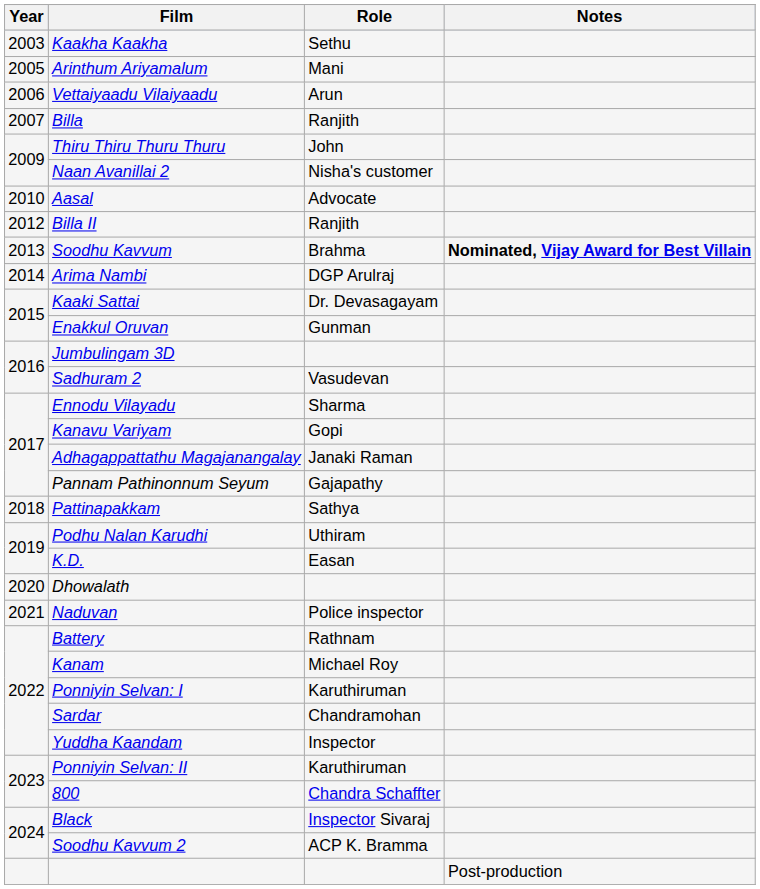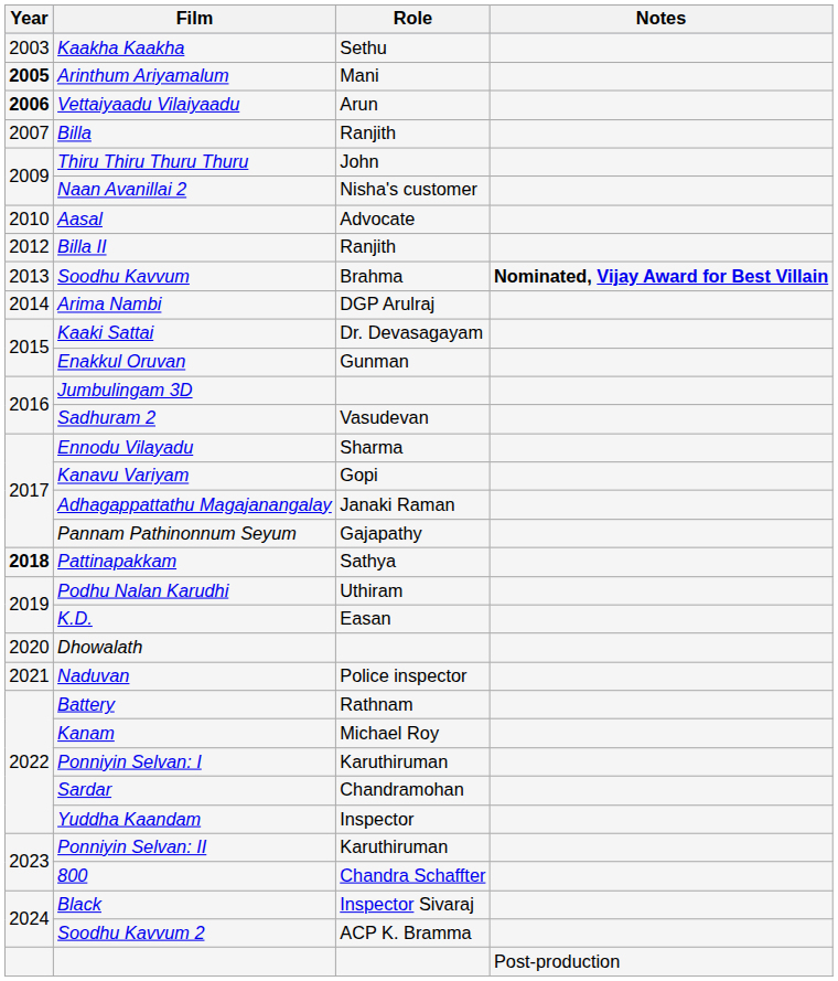 <table class="wikitable sortable" style="background:#f5f5f5;">
 <tr style="background:#B0C4DE;">
 <th>Year</th>
 <th>Film</th>
 <th>Role</th>
 <th class=unsortable>Notes</th>
 </tr>
 <tr>
 <td>2003</td>
 <td><em><a href='#'>Kaakha Kaakha</a></em></td>
 <td>Sethu</td>
 <td></td>
 </tr>
 <tr>
-<td>2005</td>
+<td><strong>2005</strong></td>
 <td><em><a href='#'>Arinthum Ariyamalum</a></em></td>
 <td>Mani</td>
 <td></td>
 </tr>
 <tr>
-<td>2006</td>
+<td><strong>2006</strong></td>
 <td><em><a href='#'>Vettaiyaadu Vilaiyaadu</a></em></td>
 <td>Arun</td>
 <td></td>
 </tr>
 <tr>
 <td>2007</td>
 <td><em><a href='#'>Billa</a></em></td>
 <td>Ranjith</td>
 <td></td>
 </tr>
 <tr>
 <td rowspan="2">2009</td>
 <td><em><a href='#'>Thiru Thiru Thuru Thuru</a></em></td>
 <td>John</td>
 <td></td>
 </tr>
 <tr>
 <td><em><a href='#'>Naan Avanillai 2</a></em></td>
 <td>Nisha's customer</td>
 <td></td>
 </tr>
 <tr>
 <td>2010</td>
 <td><em><a href='#'>Aasal</a></em></td>
 <td>Advocate</td>
 <td></td>
 </tr>
 <tr>
 <td>2012</td>
 <td><em><a href='#'>Billa II</a></em></td>
 <td>Ranjith</td>
 <td></td>
 </tr>
 <tr>
 <td>2013</td>
 <td><em><a href='#'>Soodhu Kavvum</a></em></td>
 <td>Brahma</td>
 <td><strong>Nominated, <a href='#'>Vijay Award for Best Villain</a></strong></td>
 </tr>
 <tr>
 <td>2014</td>
 <td><em><a href='#'>Arima Nambi</a></em></td>
 <td>DGP Arulraj</td>
 <td></td>
 </tr>
 <tr>
 <td rowspan="2">2015</td>
 <td><em><a href='#'>Kaaki Sattai</a></em></td>
 <td>Dr. Devasagayam</td>
 <td></td>
 </tr>
 <tr>
 <td><em><a href='#'>Enakkul Oruvan</a></em></td>
 <td>Gunman</td>
 <td></td>
 </tr>
 <tr>
 <td rowspan="2">2016</td>
 <td><em><a href='#'>Jumbulingam 3D</a></em></td>
 <td></td>
 <td></td>
 </tr>
 <tr>
 <td><em><a href='#'>Sadhuram 2</a></em></td>
 <td>Vasudevan</td>
 <td></td>
 </tr>
 <tr>
 <td rowspan="4">2017</td>
 <td><em><a href='#'>Ennodu Vilayadu</a></em></td>
 <td>Sharma</td>
 <td></td>
 </tr>
 <tr>
 <td><em><a href='#'>Kanavu Variyam</a></em></td>
 <td>Gopi</td>
 <td></td>
 </tr>
 <tr>
 <td><em><a href='#'>Adhagappattathu Magajanangalay</a></em></td>
 <td>Janaki Raman</td>
 <td></td>
 </tr>
 <tr>
 <td><em>Pannam Pathinonnum Seyum</em></td>
 <td>Gajapathy</td>
 <td></td>
 </tr>
 <tr>
-<td>2018</td>
+<td><strong>2018</strong></td>
 <td><em><a href='#'>Pattinapakkam</a></em></td>
 <td>Sathya</td>
 <td></td>
 </tr>
 <tr>
 <td rowspan="2">2019</td>
 <td><em><a href='#'>Podhu Nalan Karudhi</a></em></td>
 <td>Uthiram</td>
 <td></td>
 </tr>
 <tr>
 <td><em><a href='#'>K.D.</a></em></td>
 <td>Easan</td>
 <td></td>
 </tr>
 <tr>
 <td rowspan="1">2020</td>
 <td><em>Dhowalath</em></td>
 <td></td>
 <td></td>
 </tr>
 <tr>
 <td>2021</td>
 <td><em><a href='#'>Naduvan</a></em></td>
 <td>Police inspector</td>
 <td></td>
 </tr>
 <tr>
 <td rowspan="5">2022</td>
 <td><em><a href='#'>Battery</a></em></td>
 <td>Rathnam</td>
 <td></td>
 </tr>
 <tr>
 <td><a href='#'><em>Kanam</em></a></td>
 <td>Michael Roy</td>
 <td></td>
 </tr>
 <tr>
 <td><em><a href='#'>Ponniyin Selvan: I</a></em></td>
 <td>Karuthiruman</td>
 <td></td>
 </tr>
 <tr>
 <td><em><a href='#'>Sardar</a></em></td>
 <td>Chandramohan</td>
 <td></td>
 </tr>
 <tr>
 <td><em><a href='#'>Yuddha Kaandam</a></em></td>
 <td>Inspector</td>
 <td></td>
 </tr>
 <tr>
 <td rowspan=2>2023</td>
 <td><em><a href='#'>Ponniyin Selvan: II</a></em></td>
 <td>Karuthiruman</td>
 <td></td>
 </tr>
 <tr>
 <td><em><a href='#'>800</a></em></td>
 <td><a href='#'>Chandra Schaffter</a></td>
 <td></td>
 </tr>
 <tr>
 <td rowspan=2>2024</td>
 <td><em><a href='#'>Black</a></em></td>
 <td><a href='#'>Inspector</a> Sivaraj</td>
 <td></td>
 </tr>
 <tr>
 <td><em><a href='#'>Soodhu Kavvum 2</a></em></td>
 <td>ACP K. Bramma</td>
 <td></td>
 </tr>
 <tr>
 <td></td>
 <td></td>
 <td></td>
 <td>Post-production</td>
 </tr>
 <tr>
 </tr>
 </table>
